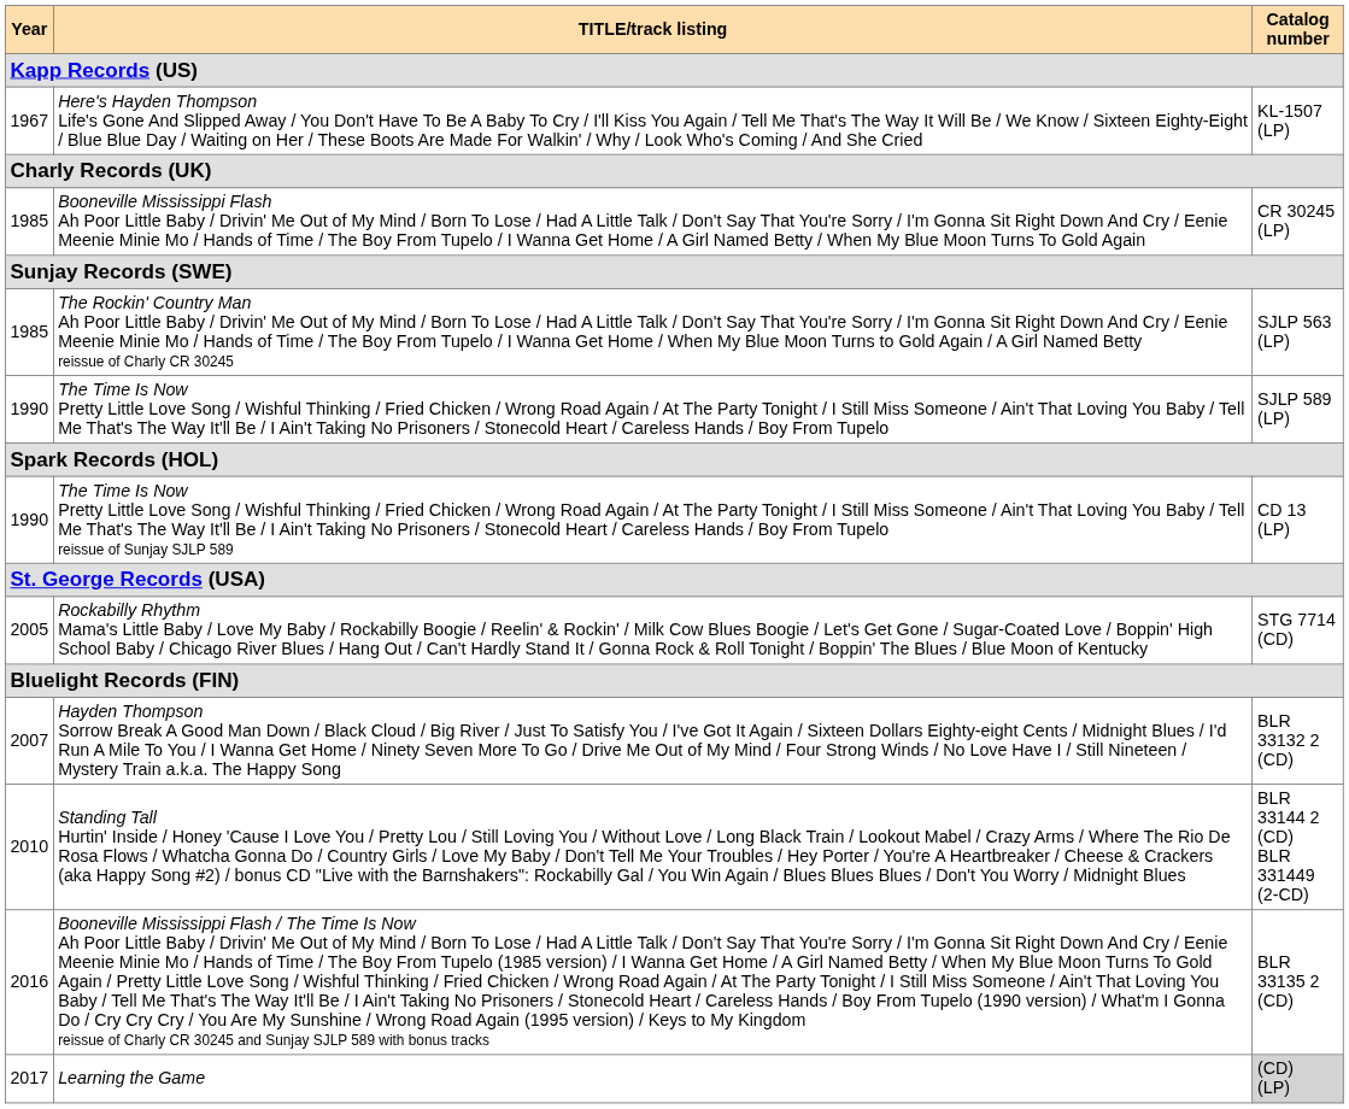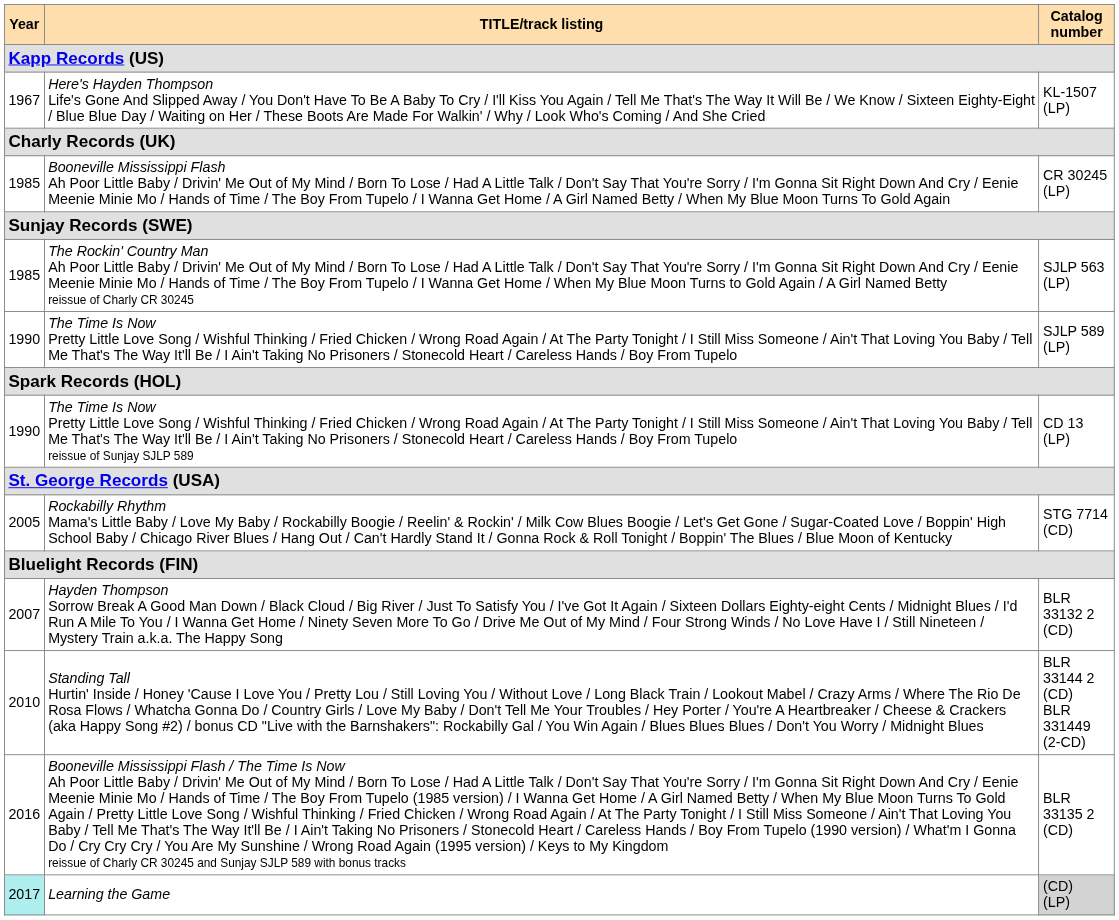 <table border="2" cellspacing="0" cellpadding="4" rules="all"  style="margin:1em 1em 1em 0; border-style:solid; border-width:1px; border-collapse:collapse; empty-cells:show;  ">
 <tr bgcolor='#FFDEAD'>
 <th>Year</th>
 <th>TITLE/track listing</th>
 <th>Catalog number</th>
 </tr>
 <tr --->
 <td bgcolor='#E0E0E0' colspan='4' align='left'><big><strong><a href='#'>Kapp Records</a> (US)</strong></big></td>
 </tr>
 <tr --->
 <td>1967</td>
 <td><em>Here's Hayden Thompson</em><br>Life's Gone And Slipped Away / You Don't Have To Be A Baby To Cry / I'll Kiss You Again / Tell Me That's The Way It Will Be / We Know / Sixteen Eighty-Eight / Blue Blue Day / Waiting on Her / These Boots Are Made For Walkin' / Why / Look Who's Coming / And She Cried</td>
 <td>KL-1507 (LP)</td>
 </tr>
 <tr --->
 <td bgcolor='#E0E0E0' colspan='4' align='left'><big><strong>Charly Records (UK)</strong></big></td>
 </tr>
 <tr --->
 <td>1985</td>
 <td><em>Booneville Mississippi Flash</em><br>Ah Poor Little Baby / Drivin' Me Out of My Mind / Born To Lose / Had A Little Talk / Don't Say That You're Sorry / I'm Gonna Sit Right Down And Cry / Eenie Meenie Minie Mo / Hands of Time / The Boy From Tupelo / I Wanna Get Home / A Girl Named Betty / When My Blue Moon Turns To Gold Again</td>
 <td>CR 30245 (LP)</td>
 </tr>
 <tr --->
 <td bgcolor='#E0E0E0' colspan='4' align='left'><big><strong>Sunjay Records (SWE)</strong></big></td>
 </tr>
 <tr --->
 <td>1985</td>
 <td><em>The Rockin' Country Man</em><br>Ah Poor Little Baby / Drivin' Me Out of My Mind / Born To Lose / Had A Little Talk / Don't Say That You're Sorry / I'm Gonna Sit Right Down And Cry / Eenie Meenie Minie Mo / Hands of Time / The Boy From Tupelo / I Wanna Get Home / When My Blue Moon Turns to Gold Again / A Girl Named Betty<small><br>reissue of Charly CR 30245</small></td>
 <td>SJLP 563 (LP)</td>
 </tr>
 <tr --->
 <td>1990</td>
 <td><em>The Time Is Now</em><br>Pretty Little Love Song / Wishful Thinking / Fried Chicken / Wrong Road Again / At The Party Tonight / I Still Miss Someone / Ain't That Loving You Baby / Tell Me That's The Way It'll Be / I Ain't Taking No Prisoners / Stonecold Heart / Careless Hands / Boy From Tupelo</td>
 <td>SJLP 589 (LP)</td>
 </tr>
 <tr --->
 <td bgcolor='#E0E0E0' colspan='4' align='left'><big><strong>Spark Records (HOL)</strong></big></td>
 </tr>
 <tr --->
 <td>1990</td>
 <td><em>The Time Is Now</em><br>Pretty Little Love Song / Wishful Thinking / Fried Chicken / Wrong Road Again / At The Party Tonight / I Still Miss Someone / Ain't That Loving You Baby / Tell Me That's The Way It'll Be / I Ain't Taking No Prisoners / Stonecold Heart / Careless Hands / Boy From Tupelo<small><br>reissue of Sunjay SJLP 589</small></td>
 <td>CD 13 (LP)</td>
 </tr>
 <tr --->
 <td bgcolor='#E0E0E0' colspan='4' align='left'><big><strong><a href='#'>St. George Records</a> (USA)</strong></big></td>
 </tr>
 <tr --->
 <td>2005</td>
 <td><em>Rockabilly Rhythm</em><br>Mama's Little Baby / Love My Baby / Rockabilly Boogie / Reelin' & Rockin' / Milk Cow Blues Boogie / Let's Get Gone / Sugar-Coated Love / Boppin' High School Baby / Chicago River Blues / Hang Out / Can't Hardly Stand It / Gonna Rock & Roll Tonight / Boppin' The Blues / Blue Moon of Kentucky</td>
 <td>STG 7714 (CD)</td>
 </tr>
 <tr --->
 <td bgcolor='#E0E0E0' colspan='4' align='left'><big><strong>Bluelight Records (FIN)</strong></big></td>
 </tr>
 <tr --->
 <td>2007</td>
 <td><em>Hayden Thompson</em><br>Sorrow Break A Good Man Down / Black Cloud / Big River / Just To Satisfy You / I've Got It Again / Sixteen Dollars Eighty-eight Cents / Midnight Blues / I'd Run A Mile To You / I Wanna Get Home / Ninety Seven More To Go / Drive Me Out of My Mind / Four Strong Winds / No Love Have I / Still Nineteen / Mystery Train a.k.a. The Happy Song</td>
 <td>BLR 33132 2 (CD)</td>
 </tr>
 <tr --->
 <td>2010</td>
 <td><em>Standing Tall</em><br>Hurtin' Inside / Honey 'Cause I Love You / Pretty Lou / Still Loving You / Without Love / Long Black Train / Lookout Mabel / Crazy Arms / Where The Rio De Rosa Flows / Whatcha Gonna Do / Country Girls / Love My Baby / Don't Tell Me Your Troubles / Hey Porter / You're A Heartbreaker / Cheese & Crackers (aka Happy Song #2) / bonus CD "Live with the Barnshakers": Rockabilly Gal / You Win Again / Blues Blues Blues / Don't You Worry / Midnight Blues</td>
 <td>BLR 33144 2 (CD)<br>BLR 331449 (2-CD)</td>
 </tr>
 <tr --->
 <td>2016</td>
 <td><em>Booneville Mississippi Flash / The Time Is Now</em><br>Ah Poor Little Baby / Drivin' Me Out of My Mind / Born To Lose / Had A Little Talk / Don't Say That You're Sorry / I'm Gonna Sit Right Down And Cry / Eenie Meenie Minie Mo / Hands of Time / The Boy From Tupelo (1985 version) / I Wanna Get Home / A Girl Named Betty / When My Blue Moon Turns To Gold Again / Pretty Little Love Song / Wishful Thinking / Fried Chicken / Wrong Road Again / At The Party Tonight / I Still Miss Someone / Ain't That Loving You Baby / Tell Me That's The Way It'll Be / I Ain't Taking No Prisoners / Stonecold Heart / Careless Hands / Boy From Tupelo (1990 version) / What'm I Gonna Do / Cry Cry Cry / You Are My Sunshine / Wrong Road Again (1995 version) / Keys to My Kingdom<small><br>reissue of Charly CR 30245 and Sunjay SJLP 589 with bonus tracks</small></td>
 <td>BLR 33135 2 (CD)</td>
 </tr>
 <tr --->
-<td>2017</td>
+<td style="background: paleturquoise;">2017</td>
 <td><em>Learning the Game</em></td>
 <td style="background: lightgrey;">(CD)<br>(LP)</td>
 </tr>
 </table>
